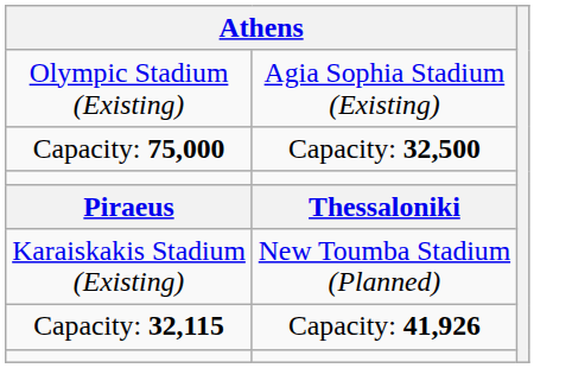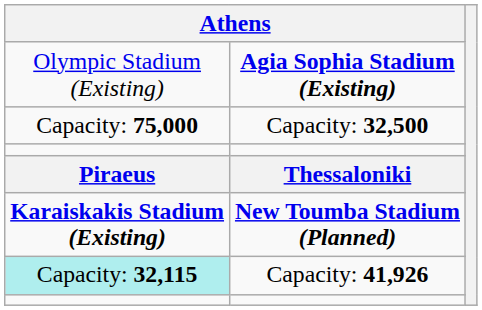 <table class="wikitable" style="text-align:center">
 <tr>
 <th colspan="2"><a href='#'>Athens</a></th>
 <th rowspan="8"></th>
 </tr>
 <tr>
 <td><a href='#'>Olympic Stadium</a><br><em>(Existing)</em></td>
-<td><a href='#'>Agia Sophia Stadium</a><br><em>(Existing)</em></td>
+<td><strong><a href='#'>Agia Sophia Stadium</a><br><em>(Existing)</em></strong></td>
 </tr>
 <tr>
 <td>Capacity: <strong>75,000</strong></td>
 <td>Capacity: <strong>32,500</strong></td>
 </tr>
 <tr>
 <td></td>
 <td></td>
 </tr>
 <tr>
 <th><a href='#'>Piraeus</a></th>
 <th><a href='#'>Thessaloniki</a></th>
 </tr>
 <tr>
-<td><a href='#'>Karaiskakis Stadium</a><br><em>(Existing)</em></td>
-<td><a href='#'>New Toumba Stadium</a><br><em>(Planned)</em></td>
+<td><strong><a href='#'>Karaiskakis Stadium</a><br><em>(Existing)</em></strong></td>
+<td><strong><a href='#'>New Toumba Stadium</a><br><em>(Planned)</em></strong></td>
 </tr>
 <tr>
-<td>Capacity: <strong>32,115</strong></td>
+<td style="background: paleturquoise;">Capacity: <strong>32,115</strong></td>
 <td>Capacity: <strong>41,926</strong></td>
 </tr>
 <tr>
 <td></td>
 <td></td>
 </tr>
 </table>
